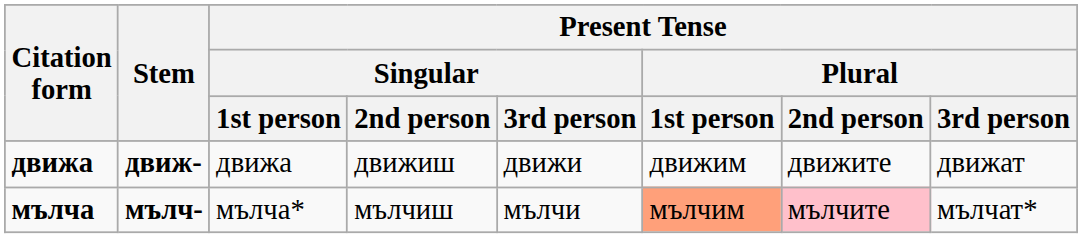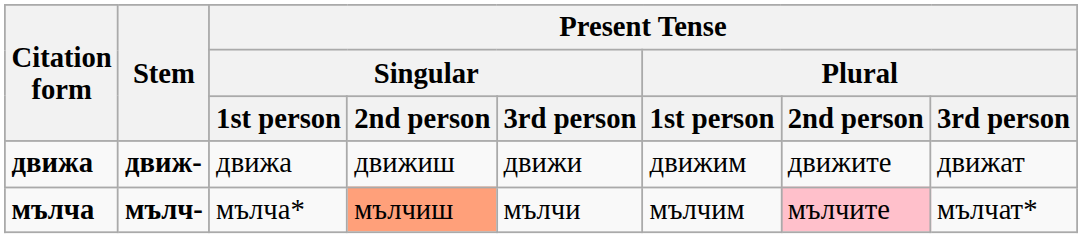 <table class="wikitable">
 <tr>
 <th rowspan="3">Citation<br>form</th>
 <th rowspan="3">Stem</th>
 <th colspan="6">Present Tense</th>
 </tr>
 <tr>
 <th colspan="3">Singular</th>
 <th colspan="3">Plural</th>
 </tr>
 <tr>
 <th><strong>1st person</strong></th>
 <th><strong>2nd person</strong></th>
 <th><strong>3rd person</strong></th>
 <th><strong>1st person</strong></th>
 <th><strong>2nd person</strong></th>
 <th><strong>3rd person</strong></th>
 </tr>
 <tr>
 <td><strong>движа</strong> <br></td>
 <td><strong>движ-</strong> <br></td>
 <td>движ<span>а</span> <br></td>
 <td>движ<span>и</span><span>ш</span> <br></td>
 <td>движ<span>и</span> <br></td>
 <td>движ<span>и</span><span>м</span> <br></td>
 <td>движ<span>и</span><span>те</span> <br></td>
 <td>движ<span>ат</span> <br></td>
 </tr>
 <tr>
 <td><strong>мълча</strong> <br></td>
 <td><strong>мълч-</strong> <br></td>
 <td>мълч<span>а</span>* <br></td>
-<td>мълч<span>и</span><span>ш</span> <br></td>
+<td style="background: lightsalmon;">мълч<span>и</span><span>ш</span> <br></td>
 <td>мълч<span>и</span> <br></td>
-<td style="background: lightsalmon;">мълч<span>и</span><span>м</span> <br></td>
+<td>мълч<span>и</span><span>м</span> <br></td>
 <td style="background: pink;">мълч<span>и</span><span>те</span> <br></td>
 <td>мълч<span>ат</span>* <br></td>
 </tr>
 </table>
